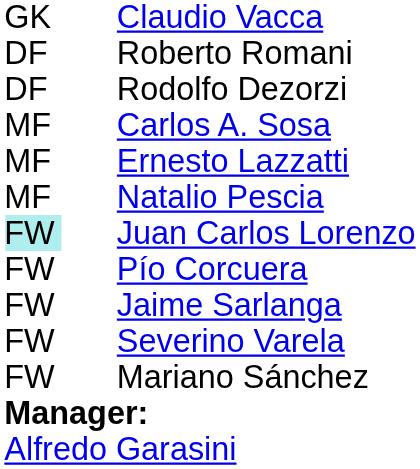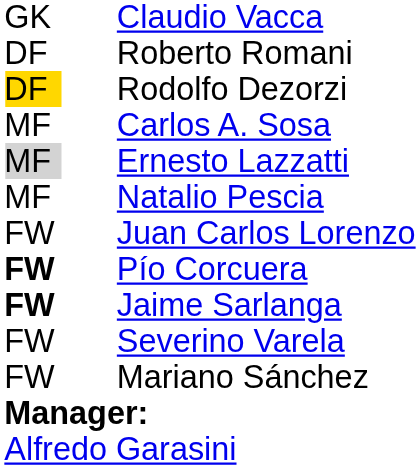 <table cellspacing="0" cellpadding="0" style="font-size:90%; margin:0.2em auto;">
 <tr>
 <th width="25"></th>
 <th width="25"></th>
 </tr>
 <tr>
 <td>GK</td>
 <td></td>
 <td> <a href='#'>Claudio Vacca</a></td>
 </tr>
 <tr>
 <td>DF</td>
 <td></td>
 <td> Roberto Romani</td>
 </tr>
 <tr>
-<td>DF</td>
+<td style="background: gold;">DF</td>
 <td></td>
 <td> Rodolfo Dezorzi</td>
 </tr>
 <tr>
 <td>MF</td>
 <td></td>
 <td> <a href='#'>Carlos A. Sosa</a></td>
 </tr>
 <tr>
-<td>MF</td>
+<td style="background: lightgrey;">MF</td>
 <td></td>
 <td> <a href='#'>Ernesto Lazzatti</a></td>
 </tr>
 <tr>
 <td>MF</td>
 <td></td>
 <td> <a href='#'>Natalio Pescia</a></td>
 </tr>
 <tr>
-<td style="background: paleturquoise;">FW</td>
+<td>FW</td>
 <td></td>
 <td> <a href='#'>Juan Carlos Lorenzo</a></td>
 </tr>
 <tr>
-<td>FW</td>
+<td><strong>FW</strong></td>
 <td></td>
 <td> <a href='#'>Pío Corcuera</a></td>
 </tr>
 <tr>
-<td>FW</td>
+<td><strong>FW</strong></td>
 <td></td>
 <td> <a href='#'>Jaime Sarlanga</a></td>
 </tr>
 <tr>
 <td>FW</td>
 <td></td>
 <td> <a href='#'>Severino Varela</a></td>
 </tr>
 <tr>
 <td>FW</td>
 <td></td>
 <td> Mariano Sánchez</td>
 </tr>
 <tr>
 <td colspan=3><strong>Manager:</strong></td>
 </tr>
 <tr>
 <td colspan=4> <a href='#'>Alfredo Garasini</a></td>
 </tr>
 </table>
